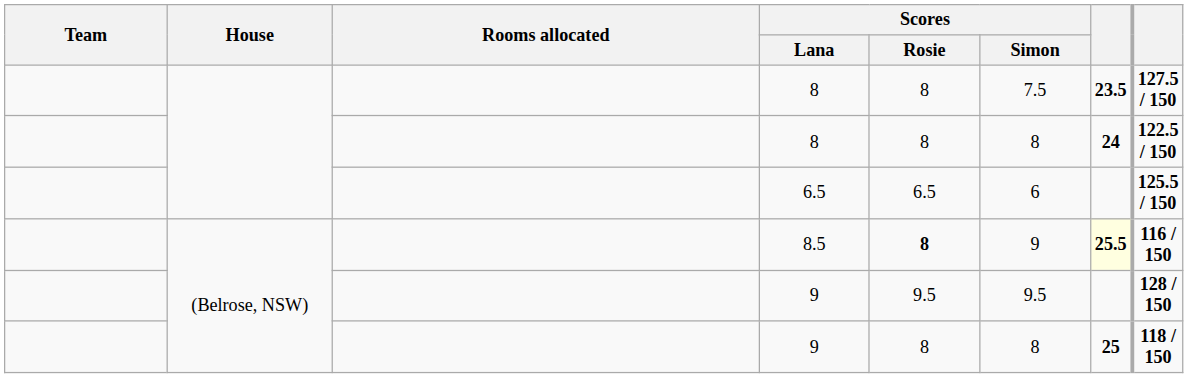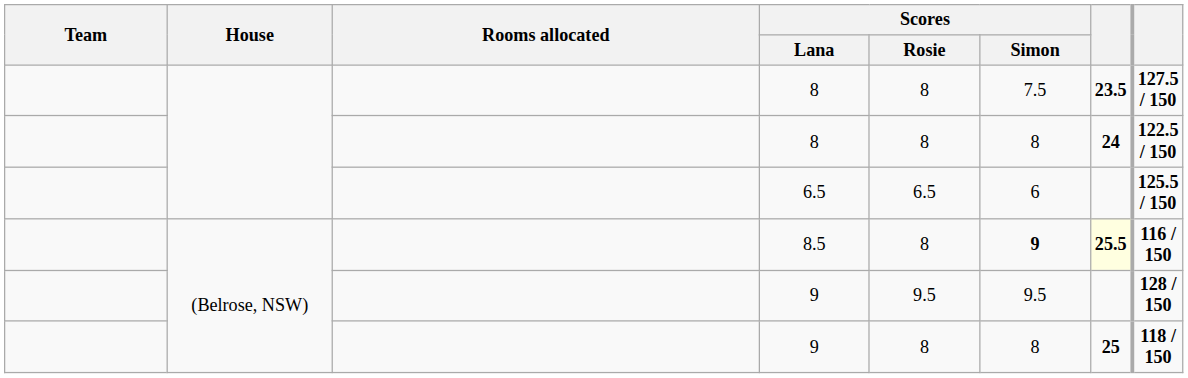 <table class="wikitable plainrowheaders" style="text-align:center; font-size:90%; width:65em;">
 <tr>
 <th rowspan="2">Team</th>
 <th rowspan="2">House</th>
 <th rowspan="2" style="width:40%;">Rooms allocated</th>
 <th colspan="3" style="width:30%;">Scores</th>
 <th rowspan="2" style="width:15%;"></th>
 <th rowspan="2" style="width:15%; border-left:3px solid #aaa;"></th>
 </tr>
 <tr>
 <th style="width:10%;">Lana</th>
 <th style="width:10%;">Rosie</th>
 <th style="width:10%;">Simon</th>
 </tr>
 <tr>
 <td style="width:15%;"></td>
 <td rowspan=3 style="width:15%;"><br></td>
 <td></td>
 <td>8</td>
 <td>8</td>
 <td>7.5</td>
 <td><strong>23.5</strong></td>
 <td style="border-left:3px solid #aaa;"><strong> 127.5 / 150 </strong></td>
 </tr>
 <tr>
 <td style="width:15%;"></td>
 <td></td>
 <td>8</td>
 <td>8</td>
 <td>8</td>
 <td><strong>24</strong></td>
 <td style="border-left:3px solid #aaa;"><strong> 122.5 / 150 </strong></td>
 </tr>
 <tr>
 <td style="width:15%;"></td>
 <td></td>
 <td>6.5</td>
 <td>6.5</td>
 <td>6</td>
 <td></td>
 <td style="border-left:3px solid #aaa;"><strong> 125.5 / 150 </strong></td>
 </tr>
 <tr>
 <td style="width:15%;"></td>
 <td rowspan=3 style="width:15%;"><br>(Belrose, NSW)</td>
 <td></td>
 <td>8.5</td>
-<td><strong>8</strong></td>
-<td>9</td>
+<td>8</td>
+<td><strong>9</strong></td>
 <td style="background: lightyellow;"><strong>25.5</strong></td>
 <td style="border-left:3px solid #aaa;"><strong> 116 / 150 </strong></td>
 </tr>
 <tr>
 <td style="width:15%;"></td>
 <td></td>
 <td>9</td>
 <td>9.5</td>
 <td>9.5</td>
 <td></td>
 <td style="border-left:3px solid #aaa;"><strong> 128 / 150 </strong></td>
 </tr>
 <tr>
 <td style="width:15%;"></td>
 <td></td>
 <td>9</td>
 <td>8</td>
 <td>8</td>
 <td><strong>25</strong></td>
 <td style="border-left:3px solid #aaa;"><strong> 118 / 150 </strong></td>
 </tr>
 </table>
